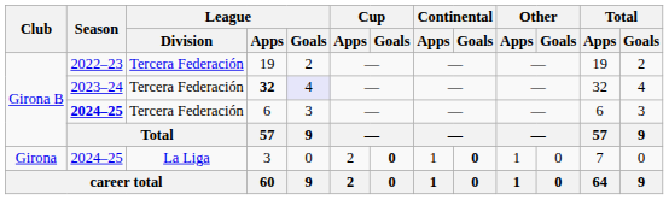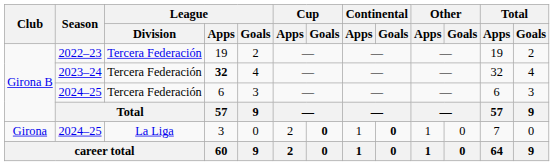 <table class="wikitable" style="text-align: center;">
 <tr>
 <th rowspan="2">Club</th>
 <th rowspan="2">Season</th>
 <th colspan="3">League</th>
 <th colspan="2">Cup</th>
 <th colspan="2">Continental</th>
 <th colspan="2">Other</th>
 <th colspan="2">Total</th>
 </tr>
 <tr>
 <th>Division</th>
 <th>Apps</th>
 <th>Goals</th>
 <th>Apps</th>
 <th>Goals</th>
 <th>Apps</th>
 <th>Goals</th>
 <th>Apps</th>
 <th>Goals</th>
 <th>Apps</th>
 <th>Goals</th>
 </tr>
 <tr>
 <td rowspan="4"><a href='#'>Girona B</a></td>
 <td><a href='#'>2022–23</a></td>
 <td><a href='#'>Tercera Federación</a></td>
 <td>19</td>
 <td>2</td>
 <td colspan="2">—</td>
 <td colspan="2">—</td>
 <td colspan="2">—</td>
 <td>19</td>
 <td>2</td>
 </tr>
 <tr>
 <td><a href='#'>2023–24</a></td>
 <td>Tercera Federación</td>
 <td><strong>32</strong></td>
-<td style="background: lavender;">4</td>
+<td>4</td>
 <td colspan="2">—</td>
 <td colspan="2">—</td>
 <td colspan="2">—</td>
 <td>32</td>
 <td>4</td>
 </tr>
 <tr>
-<td><strong><a href='#'>2024–25</a></strong></td>
+<td><a href='#'>2024–25</a></td>
 <td>Tercera Federación</td>
 <td>6</td>
 <td>3</td>
 <td colspan="2">—</td>
 <td colspan="2">—</td>
 <td colspan="2">—</td>
 <td>6</td>
 <td>3</td>
 </tr>
 <tr>
 <th colspan="2">Total</th>
 <th>57</th>
 <th>9</th>
 <th colspan="2">—</th>
 <th colspan="2">—</th>
 <th colspan="2">—</th>
 <th>57</th>
 <th>9</th>
 </tr>
 <tr>
 <td><a href='#'>Girona</a></td>
 <td><a href='#'>2024–25</a></td>
 <td><a href='#'>La Liga</a></td>
 <td>3</td>
 <td>0</td>
 <td>2</td>
 <td><strong>0</strong></td>
 <td>1</td>
 <td><strong>0</strong></td>
 <td>1</td>
 <td>0</td>
 <td>7</td>
 <td>0</td>
 </tr>
 <tr>
 <th colspan="3">career total</th>
 <th>60</th>
 <th>9</th>
 <th>2</th>
 <th>0</th>
 <th>1</th>
 <th>0</th>
 <th>1</th>
 <th>0</th>
 <th>64</th>
 <th>9</th>
 </tr>
 </table>
